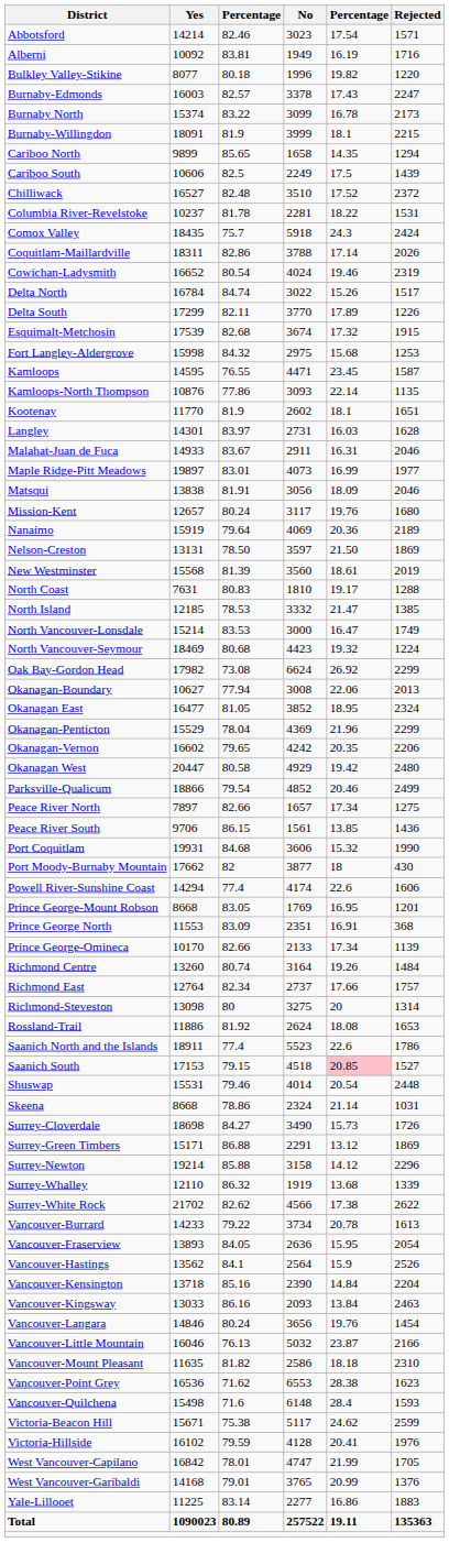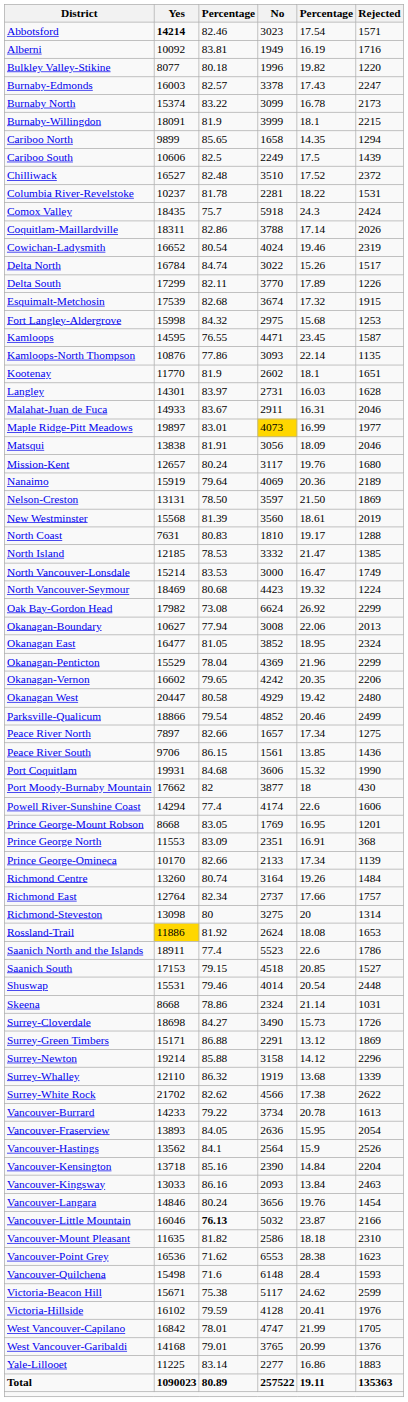 <table class="wikitable">
 <tr>
 <th>District</th>
 <th>Yes</th>
 <th>Percentage</th>
 <th>No</th>
 <th>Percentage</th>
 <th>Rejected</th>
 </tr>
 <tr>
 <td><a href='#'>Abbotsford</a></td>
-<td>14214</td>
+<td><strong>14214</strong></td>
 <td>82.46</td>
 <td>3023</td>
 <td>17.54</td>
 <td>1571</td>
 </tr>
 <tr>
 <td><a href='#'>Alberni</a></td>
 <td>10092</td>
 <td>83.81</td>
 <td>1949</td>
 <td>16.19</td>
 <td>1716</td>
 </tr>
 <tr>
 <td><a href='#'>Bulkley Valley-Stikine</a></td>
 <td>8077</td>
 <td>80.18</td>
 <td>1996</td>
 <td>19.82</td>
 <td>1220</td>
 </tr>
 <tr>
 <td><a href='#'>Burnaby-Edmonds</a></td>
 <td>16003</td>
 <td>82.57</td>
 <td>3378</td>
 <td>17.43</td>
 <td>2247</td>
 </tr>
 <tr>
 <td><a href='#'>Burnaby North</a></td>
 <td>15374</td>
 <td>83.22</td>
 <td>3099</td>
 <td>16.78</td>
 <td>2173</td>
 </tr>
 <tr>
 <td><a href='#'>Burnaby-Willingdon</a></td>
 <td>18091</td>
 <td>81.9</td>
 <td>3999</td>
 <td>18.1</td>
 <td>2215</td>
 </tr>
 <tr>
 <td><a href='#'>Cariboo North</a></td>
 <td>9899</td>
 <td>85.65</td>
 <td>1658</td>
 <td>14.35</td>
 <td>1294</td>
 </tr>
 <tr>
 <td><a href='#'>Cariboo South</a></td>
 <td>10606</td>
 <td>82.5</td>
 <td>2249</td>
 <td>17.5</td>
 <td>1439</td>
 </tr>
 <tr>
 <td><a href='#'>Chilliwack</a></td>
 <td>16527</td>
 <td>82.48</td>
 <td>3510</td>
 <td>17.52</td>
 <td>2372</td>
 </tr>
 <tr>
 <td><a href='#'>Columbia River-Revelstoke</a></td>
 <td>10237</td>
 <td>81.78</td>
 <td>2281</td>
 <td>18.22</td>
 <td>1531</td>
 </tr>
 <tr>
 <td><a href='#'>Comox Valley</a></td>
 <td>18435</td>
 <td>75.7</td>
 <td>5918</td>
 <td>24.3</td>
 <td>2424</td>
 </tr>
 <tr>
 <td><a href='#'>Coquitlam-Maillardville</a></td>
 <td>18311</td>
 <td>82.86</td>
 <td>3788</td>
 <td>17.14</td>
 <td>2026</td>
 </tr>
 <tr>
 <td><a href='#'>Cowichan-Ladysmith</a></td>
 <td>16652</td>
 <td>80.54</td>
 <td>4024</td>
 <td>19.46</td>
 <td>2319</td>
 </tr>
 <tr>
 <td><a href='#'>Delta North</a></td>
 <td>16784</td>
 <td>84.74</td>
 <td>3022</td>
 <td>15.26</td>
 <td>1517</td>
 </tr>
 <tr>
 <td><a href='#'>Delta South</a></td>
 <td>17299</td>
 <td>82.11</td>
 <td>3770</td>
 <td>17.89</td>
 <td>1226</td>
 </tr>
 <tr>
 <td><a href='#'>Esquimalt-Metchosin</a></td>
 <td>17539</td>
 <td>82.68</td>
 <td>3674</td>
 <td>17.32</td>
 <td>1915</td>
 </tr>
 <tr>
 <td><a href='#'>Fort Langley-Aldergrove</a></td>
 <td>15998</td>
 <td>84.32</td>
 <td>2975</td>
 <td>15.68</td>
 <td>1253</td>
 </tr>
 <tr>
 <td><a href='#'>Kamloops</a></td>
 <td>14595</td>
 <td>76.55</td>
 <td>4471</td>
 <td>23.45</td>
 <td>1587</td>
 </tr>
 <tr>
 <td><a href='#'>Kamloops-North Thompson</a></td>
 <td>10876</td>
 <td>77.86</td>
 <td>3093</td>
 <td>22.14</td>
 <td>1135</td>
 </tr>
 <tr>
 <td><a href='#'>Kootenay</a></td>
 <td>11770</td>
 <td>81.9</td>
 <td>2602</td>
 <td>18.1</td>
 <td>1651</td>
 </tr>
 <tr>
 <td><a href='#'>Langley</a></td>
 <td>14301</td>
 <td>83.97</td>
 <td>2731</td>
 <td>16.03</td>
 <td>1628</td>
 </tr>
 <tr>
 <td><a href='#'>Malahat-Juan de Fuca</a></td>
 <td>14933</td>
 <td>83.67</td>
 <td>2911</td>
 <td>16.31</td>
 <td>2046</td>
 </tr>
 <tr>
 <td><a href='#'>Maple Ridge-Pitt Meadows</a></td>
 <td>19897</td>
 <td>83.01</td>
-<td>4073</td>
+<td style="background: gold;">4073</td>
 <td>16.99</td>
 <td>1977</td>
 </tr>
 <tr>
 <td><a href='#'>Matsqui</a></td>
 <td>13838</td>
 <td>81.91</td>
 <td>3056</td>
 <td>18.09</td>
 <td>2046</td>
 </tr>
 <tr>
 <td><a href='#'>Mission-Kent</a></td>
 <td>12657</td>
 <td>80.24</td>
 <td>3117</td>
 <td>19.76</td>
 <td>1680</td>
 </tr>
 <tr>
 <td><a href='#'>Nanaimo</a></td>
 <td>15919</td>
 <td>79.64</td>
 <td>4069</td>
 <td>20.36</td>
 <td>2189</td>
 </tr>
 <tr>
 <td><a href='#'>Nelson-Creston</a></td>
 <td>13131</td>
 <td>78.50</td>
 <td>3597</td>
 <td>21.50</td>
 <td>1869</td>
 </tr>
 <tr>
 <td><a href='#'>New Westminster</a></td>
 <td>15568</td>
 <td>81.39</td>
 <td>3560</td>
 <td>18.61</td>
 <td>2019</td>
 </tr>
 <tr>
 <td><a href='#'>North Coast</a></td>
 <td>7631</td>
 <td>80.83</td>
 <td>1810</td>
 <td>19.17</td>
 <td>1288</td>
 </tr>
 <tr>
 <td><a href='#'>North Island</a></td>
 <td>12185</td>
 <td>78.53</td>
 <td>3332</td>
 <td>21.47</td>
 <td>1385</td>
 </tr>
 <tr>
 <td><a href='#'>North Vancouver-Lonsdale</a></td>
 <td>15214</td>
 <td>83.53</td>
 <td>3000</td>
 <td>16.47</td>
 <td>1749</td>
 </tr>
 <tr>
 <td><a href='#'>North Vancouver-Seymour</a></td>
 <td>18469</td>
 <td>80.68</td>
 <td>4423</td>
 <td>19.32</td>
 <td>1224</td>
 </tr>
 <tr>
 <td><a href='#'>Oak Bay-Gordon Head</a></td>
 <td>17982</td>
 <td>73.08</td>
 <td>6624</td>
 <td>26.92</td>
 <td>2299</td>
 </tr>
 <tr>
 <td><a href='#'>Okanagan-Boundary</a></td>
 <td>10627</td>
 <td>77.94</td>
 <td>3008</td>
 <td>22.06</td>
 <td>2013</td>
 </tr>
 <tr>
 <td><a href='#'>Okanagan East</a></td>
 <td>16477</td>
 <td>81.05</td>
 <td>3852</td>
 <td>18.95</td>
 <td>2324</td>
 </tr>
 <tr>
 <td><a href='#'>Okanagan-Penticton</a></td>
 <td>15529</td>
 <td>78.04</td>
 <td>4369</td>
 <td>21.96</td>
 <td>2299</td>
 </tr>
 <tr>
 <td><a href='#'>Okanagan-Vernon</a></td>
 <td>16602</td>
 <td>79.65</td>
 <td>4242</td>
 <td>20.35</td>
 <td>2206</td>
 </tr>
 <tr>
 <td><a href='#'>Okanagan West</a></td>
 <td>20447</td>
 <td>80.58</td>
 <td>4929</td>
 <td>19.42</td>
 <td>2480</td>
 </tr>
 <tr>
 <td><a href='#'>Parksville-Qualicum</a></td>
 <td>18866</td>
 <td>79.54</td>
 <td>4852</td>
 <td>20.46</td>
 <td>2499</td>
 </tr>
 <tr>
 <td><a href='#'>Peace River North</a></td>
 <td>7897</td>
 <td>82.66</td>
 <td>1657</td>
 <td>17.34</td>
 <td>1275</td>
 </tr>
 <tr>
 <td><a href='#'>Peace River South</a></td>
 <td>9706</td>
 <td>86.15</td>
 <td>1561</td>
 <td>13.85</td>
 <td>1436</td>
 </tr>
 <tr>
 <td><a href='#'>Port Coquitlam</a></td>
 <td>19931</td>
 <td>84.68</td>
 <td>3606</td>
 <td>15.32</td>
 <td>1990</td>
 </tr>
 <tr>
 <td><a href='#'>Port Moody-Burnaby Mountain</a></td>
 <td>17662</td>
 <td>82</td>
 <td>3877</td>
 <td>18</td>
 <td>430</td>
 </tr>
 <tr>
 <td><a href='#'>Powell River-Sunshine Coast</a></td>
 <td>14294</td>
 <td>77.4</td>
 <td>4174</td>
 <td>22.6</td>
 <td>1606</td>
 </tr>
 <tr>
 <td><a href='#'>Prince George-Mount Robson</a></td>
 <td>8668</td>
 <td>83.05</td>
 <td>1769</td>
 <td>16.95</td>
 <td>1201</td>
 </tr>
 <tr>
 <td><a href='#'>Prince George North</a></td>
 <td>11553</td>
 <td>83.09</td>
 <td>2351</td>
 <td>16.91</td>
 <td>368</td>
 </tr>
 <tr>
 <td><a href='#'>Prince George-Omineca</a></td>
 <td>10170</td>
 <td>82.66</td>
 <td>2133</td>
 <td>17.34</td>
 <td>1139</td>
 </tr>
 <tr>
 <td><a href='#'>Richmond Centre</a></td>
 <td>13260</td>
 <td>80.74</td>
 <td>3164</td>
 <td>19.26</td>
 <td>1484</td>
 </tr>
 <tr>
 <td><a href='#'>Richmond East</a></td>
 <td>12764</td>
 <td>82.34</td>
 <td>2737</td>
 <td>17.66</td>
 <td>1757</td>
 </tr>
 <tr>
 <td><a href='#'>Richmond-Steveston</a></td>
 <td>13098</td>
 <td>80</td>
 <td>3275</td>
 <td>20</td>
 <td>1314</td>
 </tr>
 <tr>
 <td><a href='#'>Rossland-Trail</a></td>
-<td>11886</td>
+<td style="background: gold;">11886</td>
 <td>81.92</td>
 <td>2624</td>
 <td>18.08</td>
 <td>1653</td>
 </tr>
 <tr>
 <td><a href='#'>Saanich North and the Islands</a></td>
 <td>18911</td>
 <td>77.4</td>
 <td>5523</td>
 <td>22.6</td>
 <td>1786</td>
 </tr>
 <tr>
 <td><a href='#'>Saanich South</a></td>
 <td>17153</td>
 <td>79.15</td>
 <td>4518</td>
-<td style="background: pink;">20.85</td>
+<td>20.85</td>
 <td>1527</td>
 </tr>
 <tr>
 <td><a href='#'>Shuswap</a></td>
 <td>15531</td>
 <td>79.46</td>
 <td>4014</td>
 <td>20.54</td>
 <td>2448</td>
 </tr>
 <tr>
 <td><a href='#'>Skeena</a></td>
 <td>8668</td>
 <td>78.86</td>
 <td>2324</td>
 <td>21.14</td>
 <td>1031</td>
 </tr>
 <tr>
 <td><a href='#'>Surrey-Cloverdale</a></td>
 <td>18698</td>
 <td>84.27</td>
 <td>3490</td>
 <td>15.73</td>
 <td>1726</td>
 </tr>
 <tr>
 <td><a href='#'>Surrey-Green Timbers</a></td>
 <td>15171</td>
 <td>86.88</td>
 <td>2291</td>
 <td>13.12</td>
 <td>1869</td>
 </tr>
 <tr>
 <td><a href='#'>Surrey-Newton</a></td>
 <td>19214</td>
 <td>85.88</td>
 <td>3158</td>
 <td>14.12</td>
 <td>2296</td>
 </tr>
 <tr>
 <td><a href='#'>Surrey-Whalley</a></td>
 <td>12110</td>
 <td>86.32</td>
 <td>1919</td>
 <td>13.68</td>
 <td>1339</td>
 </tr>
 <tr>
 <td><a href='#'>Surrey-White Rock</a></td>
 <td>21702</td>
 <td>82.62</td>
 <td>4566</td>
 <td>17.38</td>
 <td>2622</td>
 </tr>
 <tr>
 <td><a href='#'>Vancouver-Burrard</a></td>
 <td>14233</td>
 <td>79.22</td>
 <td>3734</td>
 <td>20.78</td>
 <td>1613</td>
 </tr>
 <tr>
 <td><a href='#'>Vancouver-Fraserview</a></td>
 <td>13893</td>
 <td>84.05</td>
 <td>2636</td>
 <td>15.95</td>
 <td>2054</td>
 </tr>
 <tr>
 <td><a href='#'>Vancouver-Hastings</a></td>
 <td>13562</td>
 <td>84.1</td>
 <td>2564</td>
 <td>15.9</td>
 <td>2526</td>
 </tr>
 <tr>
 <td><a href='#'>Vancouver-Kensington</a></td>
 <td>13718</td>
 <td>85.16</td>
 <td>2390</td>
 <td>14.84</td>
 <td>2204</td>
 </tr>
 <tr>
 <td><a href='#'>Vancouver-Kingsway</a></td>
 <td>13033</td>
 <td>86.16</td>
 <td>2093</td>
 <td>13.84</td>
 <td>2463</td>
 </tr>
 <tr>
 <td><a href='#'>Vancouver-Langara</a></td>
 <td>14846</td>
 <td>80.24</td>
 <td>3656</td>
 <td>19.76</td>
 <td>1454</td>
 </tr>
 <tr>
 <td><a href='#'>Vancouver-Little Mountain</a></td>
 <td>16046</td>
-<td>76.13</td>
+<td><strong>76.13</strong></td>
 <td>5032</td>
 <td>23.87</td>
 <td>2166</td>
 </tr>
 <tr>
 <td><a href='#'>Vancouver-Mount Pleasant</a></td>
 <td>11635</td>
 <td>81.82</td>
 <td>2586</td>
 <td>18.18</td>
 <td>2310</td>
 </tr>
 <tr>
 <td><a href='#'>Vancouver-Point Grey</a></td>
 <td>16536</td>
 <td>71.62</td>
 <td>6553</td>
 <td>28.38</td>
 <td>1623</td>
 </tr>
 <tr>
 <td><a href='#'>Vancouver-Quilchena</a></td>
 <td>15498</td>
 <td>71.6</td>
 <td>6148</td>
 <td>28.4</td>
 <td>1593</td>
 </tr>
 <tr>
 <td><a href='#'>Victoria-Beacon Hill</a></td>
 <td>15671</td>
 <td>75.38</td>
 <td>5117</td>
 <td>24.62</td>
 <td>2599</td>
 </tr>
 <tr>
 <td><a href='#'>Victoria-Hillside</a></td>
 <td>16102</td>
 <td>79.59</td>
 <td>4128</td>
 <td>20.41</td>
 <td>1976</td>
 </tr>
 <tr>
 <td><a href='#'>West Vancouver-Capilano</a></td>
 <td>16842</td>
 <td>78.01</td>
 <td>4747</td>
 <td>21.99</td>
 <td>1705</td>
 </tr>
 <tr>
 <td><a href='#'>West Vancouver-Garibaldi</a></td>
 <td>14168</td>
 <td>79.01</td>
 <td>3765</td>
 <td>20.99</td>
 <td>1376</td>
 </tr>
 <tr>
 <td><a href='#'>Yale-Lillooet</a></td>
 <td>11225</td>
 <td>83.14</td>
 <td>2277</td>
 <td>16.86</td>
 <td>1883</td>
 </tr>
 <tr>
 <td><strong>Total</strong></td>
 <td><strong>1090023</strong></td>
 <td><strong>80.89</strong></td>
 <td><strong>257522</strong></td>
 <td><strong>19.11</strong></td>
 <td><strong>135363</strong></td>
 </tr>
 <tr>
 <td colspan=6></td>
 </tr>
 </table>
